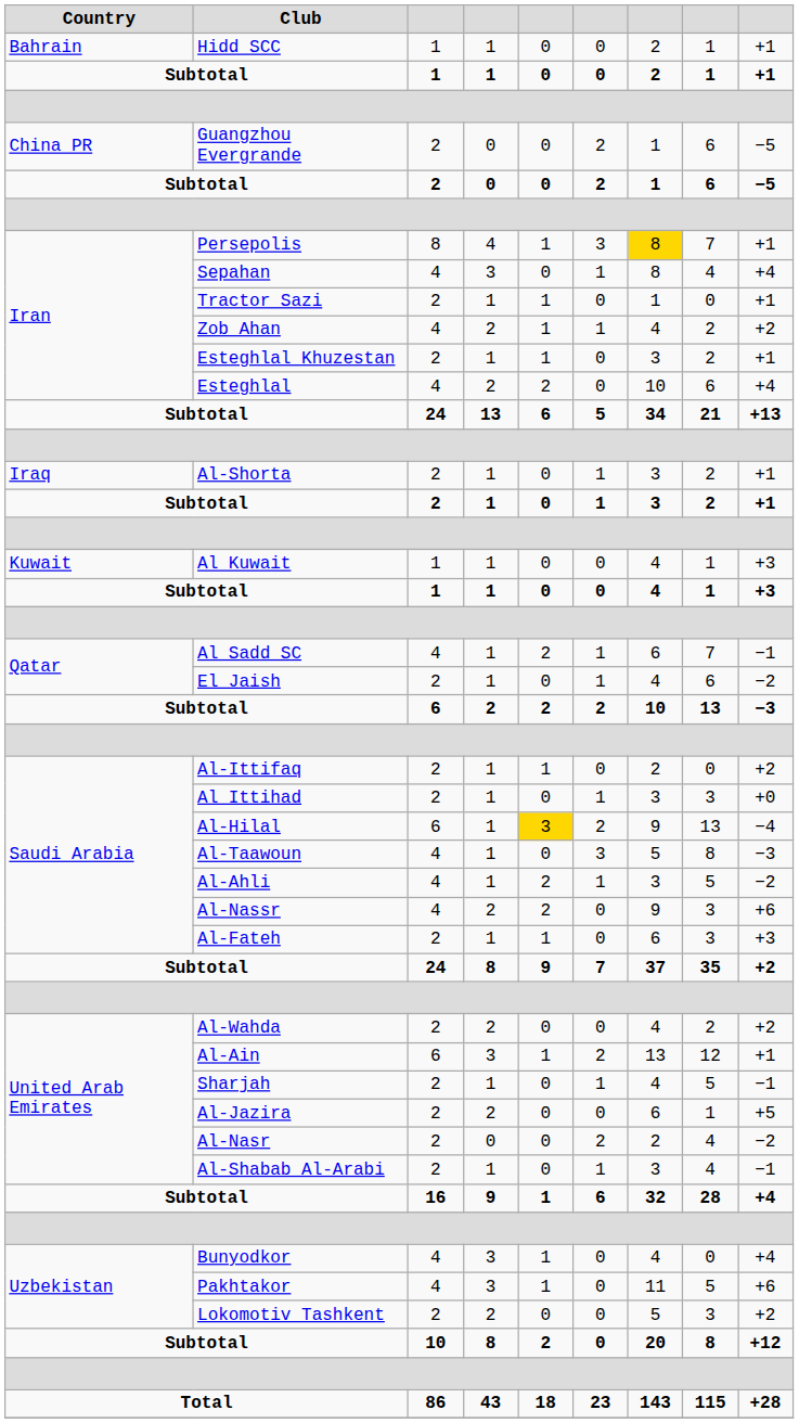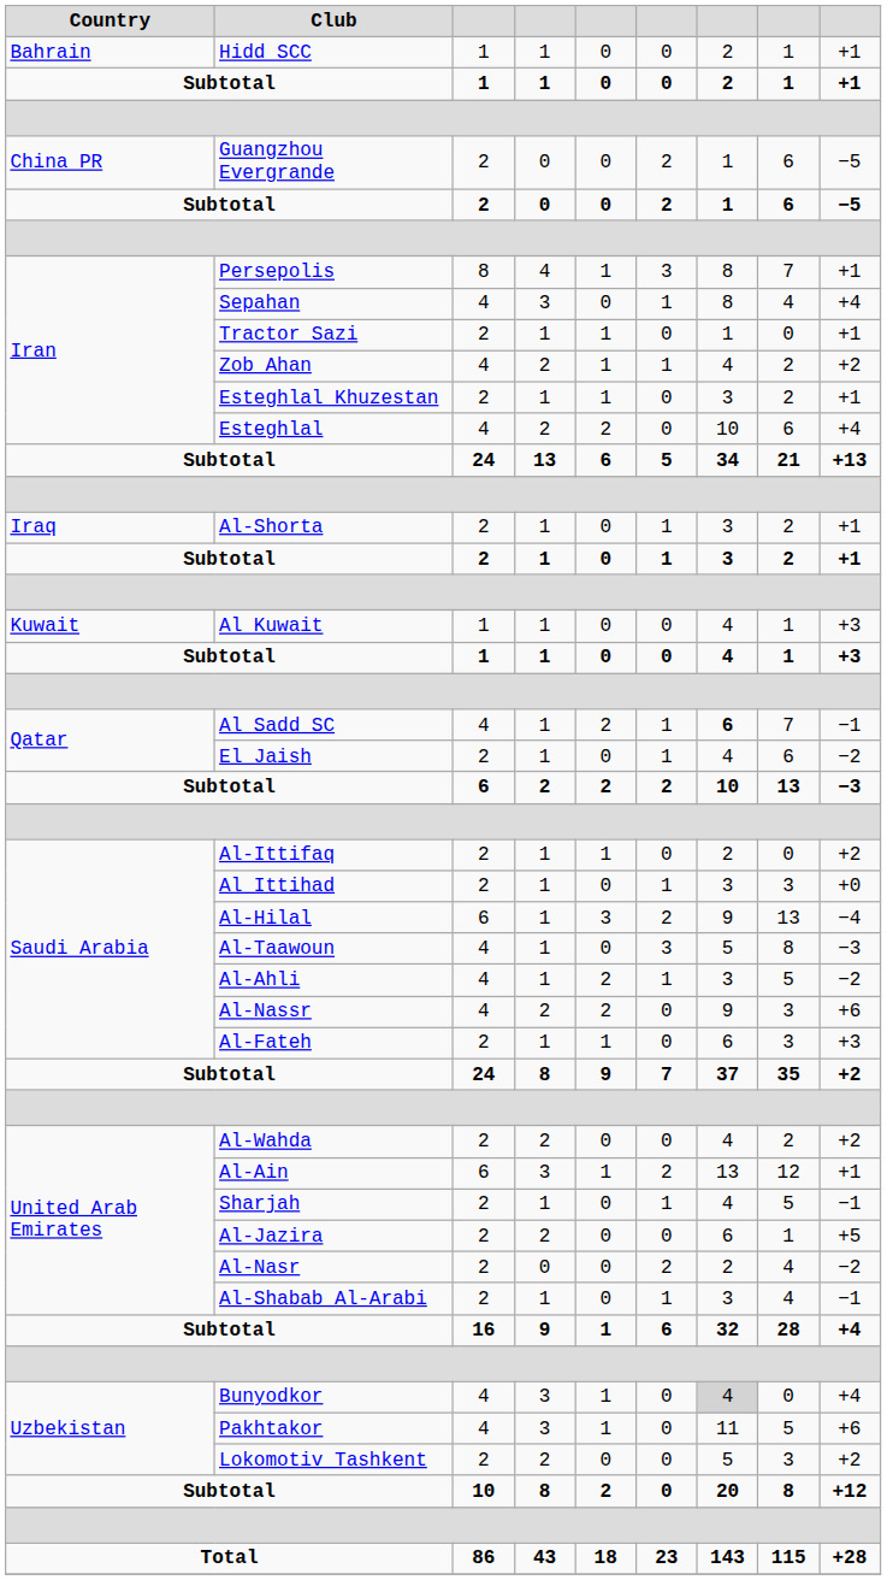 <table class="wikitable" style="text-align: center;">
 <tr>
 <th width="135" style="background:#DCDCDC">Country</th>
 <th width="155" style="background:#DCDCDC">Club</th>
 <th width="35" style="background:#DCDCDC"></th>
 <th width="35" style="background:#DCDCDC"></th>
 <th width="35" style="background:#DCDCDC"></th>
 <th width="35" style="background:#DCDCDC"></th>
 <th width="35" style="background:#DCDCDC"></th>
 <th width="35" style="background:#DCDCDC"></th>
 <th width="35" style="background:#DCDCDC"></th>
 </tr>
 <tr>
 <td align=left> <a href='#'>Bahrain</a></td>
 <td align=left><a href='#'>Hidd SCC</a></td>
 <td>1</td>
 <td>1</td>
 <td>0</td>
 <td>0</td>
 <td>2</td>
 <td>1</td>
 <td>+1</td>
 </tr>
 <tr>
 <td colspan=2 align-"center"><strong>Subtotal</strong></td>
 <td><strong>1</strong></td>
 <td><strong>1</strong></td>
 <td><strong>0</strong></td>
 <td><strong>0</strong></td>
 <td><strong>2</strong></td>
 <td><strong>1</strong></td>
 <td><strong>+1</strong></td>
 </tr>
 <tr>
 <th colspan=9 height="18" style="background:#DCDCDC"></th>
 </tr>
 <tr>
 <td align=left> <a href='#'>China PR</a></td>
 <td align=left><a href='#'>Guangzhou Evergrande</a></td>
 <td>2</td>
 <td>0</td>
 <td>0</td>
 <td>2</td>
 <td>1</td>
 <td>6</td>
 <td>−5</td>
 </tr>
 <tr>
 <td colspan=2 align-"center"><strong>Subtotal</strong></td>
 <td><strong>2</strong></td>
 <td><strong>0</strong></td>
 <td><strong>0</strong></td>
 <td><strong>2</strong></td>
 <td><strong>1</strong></td>
 <td><strong>6</strong></td>
 <td><strong>−5</strong></td>
 </tr>
 <tr>
 <th colspan=9 height="18" style="background:#DCDCDC"></th>
 </tr>
 <tr>
 <td rowspan=6 align=left> <a href='#'>Iran</a></td>
 <td align=left><a href='#'>Persepolis</a></td>
 <td>8</td>
 <td>4</td>
 <td>1</td>
 <td>3</td>
-<td style="background: gold;">8</td>
+<td>8</td>
 <td>7</td>
 <td>+1</td>
 </tr>
 <tr>
 <td align=left><a href='#'>Sepahan</a></td>
 <td>4</td>
 <td>3</td>
 <td>0</td>
 <td>1</td>
 <td>8</td>
 <td>4</td>
 <td>+4</td>
 </tr>
 <tr>
 <td align=left><a href='#'>Tractor Sazi</a></td>
 <td>2</td>
 <td>1</td>
 <td>1</td>
 <td>0</td>
 <td>1</td>
 <td>0</td>
 <td>+1</td>
 </tr>
 <tr>
 <td align=left><a href='#'>Zob Ahan</a></td>
 <td>4</td>
 <td>2</td>
 <td>1</td>
 <td>1</td>
 <td>4</td>
 <td>2</td>
 <td>+2</td>
 </tr>
 <tr>
 <td align=left><a href='#'>Esteghlal Khuzestan</a></td>
 <td>2</td>
 <td>1</td>
 <td>1</td>
 <td>0</td>
 <td>3</td>
 <td>2</td>
 <td>+1</td>
 </tr>
 <tr>
 <td align=left><a href='#'>Esteghlal</a></td>
 <td>4</td>
 <td>2</td>
 <td>2</td>
 <td>0</td>
 <td>10</td>
 <td>6</td>
 <td>+4</td>
 </tr>
 <tr>
 <td colspan=2 align-"center"><strong>Subtotal</strong></td>
 <td><strong>24</strong></td>
 <td><strong>13</strong></td>
 <td><strong>6</strong></td>
 <td><strong>5</strong></td>
 <td><strong>34</strong></td>
 <td><strong>21</strong></td>
 <td><strong>+13</strong></td>
 </tr>
 <tr>
 <th colspan=9 height="18" style="background:#DCDCDC"></th>
 </tr>
 <tr>
 <td align=left> <a href='#'>Iraq</a></td>
 <td align=left><a href='#'>Al-Shorta</a></td>
 <td>2</td>
 <td>1</td>
 <td>0</td>
 <td>1</td>
 <td>3</td>
 <td>2</td>
 <td>+1</td>
 </tr>
 <tr>
 <td colspan=2 align-"center"><strong>Subtotal</strong></td>
 <td><strong>2</strong></td>
 <td><strong>1</strong></td>
 <td><strong>0</strong></td>
 <td><strong>1</strong></td>
 <td><strong>3</strong></td>
 <td><strong>2</strong></td>
 <td><strong>+1</strong></td>
 </tr>
 <tr>
 <th colspan=9 height="18" style="background:#DCDCDC"></th>
 </tr>
 <tr>
 <td align=left> <a href='#'>Kuwait</a></td>
 <td align=left><a href='#'>Al Kuwait</a></td>
 <td>1</td>
 <td>1</td>
 <td>0</td>
 <td>0</td>
 <td>4</td>
 <td>1</td>
 <td>+3</td>
 </tr>
 <tr>
 <td colspan=2 align-"center"><strong>Subtotal</strong></td>
 <td><strong>1</strong></td>
 <td><strong>1</strong></td>
 <td><strong>0</strong></td>
 <td><strong>0</strong></td>
 <td><strong>4</strong></td>
 <td><strong>1</strong></td>
 <td><strong>+3</strong></td>
 </tr>
 <tr>
 <th colspan=9 height="18" style="background:#DCDCDC"></th>
 </tr>
 <tr>
 <td rowspan=2 align=left> <a href='#'>Qatar</a></td>
 <td align=left><a href='#'>Al Sadd SC</a></td>
 <td>4</td>
 <td>1</td>
 <td>2</td>
 <td>1</td>
-<td>6</td>
+<td><strong>6</strong></td>
 <td>7</td>
 <td>−1</td>
 </tr>
 <tr>
 <td align=left><a href='#'>El Jaish</a></td>
 <td>2</td>
 <td>1</td>
 <td>0</td>
 <td>1</td>
 <td>4</td>
 <td>6</td>
 <td>−2</td>
 </tr>
 <tr>
 <td colspan=2 align-"center"><strong>Subtotal</strong></td>
 <td><strong>6</strong></td>
 <td><strong>2</strong></td>
 <td><strong>2</strong></td>
 <td><strong>2</strong></td>
 <td><strong>10</strong></td>
 <td><strong>13</strong></td>
 <td><strong>−3</strong></td>
 </tr>
 <tr>
 <th colspan=9 height="18" style="background:#DCDCDC"></th>
 </tr>
 <tr>
 <td rowspan=7 align=left> <a href='#'>Saudi Arabia</a></td>
 <td align=left><a href='#'>Al-Ittifaq</a></td>
 <td>2</td>
 <td>1</td>
 <td>1</td>
 <td>0</td>
 <td>2</td>
 <td>0</td>
 <td>+2</td>
 </tr>
 <tr>
 <td align=left><a href='#'>Al Ittihad</a></td>
 <td>2</td>
 <td>1</td>
 <td>0</td>
 <td>1</td>
 <td>3</td>
 <td>3</td>
 <td>+0</td>
 </tr>
 <tr>
 <td align=left><a href='#'>Al-Hilal</a></td>
 <td>6</td>
 <td>1</td>
-<td style="background: gold;">3</td>
+<td>3</td>
 <td>2</td>
 <td>9</td>
 <td>13</td>
 <td>−4</td>
 </tr>
 <tr>
 <td align=left><a href='#'>Al-Taawoun</a></td>
 <td>4</td>
 <td>1</td>
 <td>0</td>
 <td>3</td>
 <td>5</td>
 <td>8</td>
 <td>−3</td>
 </tr>
 <tr>
 <td align=left><a href='#'>Al-Ahli</a></td>
 <td>4</td>
 <td>1</td>
 <td>2</td>
 <td>1</td>
 <td>3</td>
 <td>5</td>
 <td>−2</td>
 </tr>
 <tr>
 <td align=left><a href='#'>Al-Nassr</a></td>
 <td>4</td>
 <td>2</td>
 <td>2</td>
 <td>0</td>
 <td>9</td>
 <td>3</td>
 <td>+6</td>
 </tr>
 <tr>
 <td align=left><a href='#'>Al-Fateh</a></td>
 <td>2</td>
 <td>1</td>
 <td>1</td>
 <td>0</td>
 <td>6</td>
 <td>3</td>
 <td>+3</td>
 </tr>
 <tr>
 <td colspan=2 align-"center"><strong>Subtotal</strong></td>
 <td><strong>24</strong></td>
 <td><strong>8</strong></td>
 <td><strong>9</strong></td>
 <td><strong>7</strong></td>
 <td><strong>37</strong></td>
 <td><strong>35</strong></td>
 <td><strong>+2</strong></td>
 </tr>
 <tr>
 <th colspan=9 height="18" style="background:#DCDCDC"></th>
 </tr>
 <tr>
 <td rowspan=6 align=left> <a href='#'>United Arab Emirates</a></td>
 <td align=left><a href='#'>Al-Wahda</a></td>
 <td>2</td>
 <td>2</td>
 <td>0</td>
 <td>0</td>
 <td>4</td>
 <td>2</td>
 <td>+2</td>
 </tr>
 <tr>
 <td align=left><a href='#'>Al-Ain</a></td>
 <td>6</td>
 <td>3</td>
 <td>1</td>
 <td>2</td>
 <td>13</td>
 <td>12</td>
 <td>+1</td>
 </tr>
 <tr>
 <td align=left><a href='#'>Sharjah</a></td>
 <td>2</td>
 <td>1</td>
 <td>0</td>
 <td>1</td>
 <td>4</td>
 <td>5</td>
 <td>−1</td>
 </tr>
 <tr>
 <td align=left><a href='#'>Al-Jazira</a></td>
 <td>2</td>
 <td>2</td>
 <td>0</td>
 <td>0</td>
 <td>6</td>
 <td>1</td>
 <td>+5</td>
 </tr>
 <tr>
 <td align=left><a href='#'>Al-Nasr</a></td>
 <td>2</td>
 <td>0</td>
 <td>0</td>
 <td>2</td>
 <td>2</td>
 <td>4</td>
 <td>−2</td>
 </tr>
 <tr>
 <td align=left><a href='#'>Al-Shabab Al-Arabi</a></td>
 <td>2</td>
 <td>1</td>
 <td>0</td>
 <td>1</td>
 <td>3</td>
 <td>4</td>
 <td>−1</td>
 </tr>
 <tr>
 <td colspan=2 align-"center"><strong>Subtotal</strong></td>
 <td><strong>16</strong></td>
 <td><strong>9</strong></td>
 <td><strong>1</strong></td>
 <td><strong>6</strong></td>
 <td><strong>32</strong></td>
 <td><strong>28</strong></td>
 <td><strong>+4</strong></td>
 </tr>
 <tr>
 <th colspan=9 height="18" style="background:#DCDCDC"></th>
 </tr>
 <tr>
 <td rowspan=3 align=left> <a href='#'>Uzbekistan</a></td>
 <td align=left><a href='#'>Bunyodkor</a></td>
 <td>4</td>
 <td>3</td>
 <td>1</td>
 <td>0</td>
-<td>4</td>
+<td style="background: lightgrey;">4</td>
 <td>0</td>
 <td>+4</td>
 </tr>
 <tr>
 <td align=left><a href='#'>Pakhtakor</a></td>
 <td>4</td>
 <td>3</td>
 <td>1</td>
 <td>0</td>
 <td>11</td>
 <td>5</td>
 <td>+6</td>
 </tr>
 <tr>
 <td align=left><a href='#'>Lokomotiv Tashkent</a></td>
 <td>2</td>
 <td>2</td>
 <td>0</td>
 <td>0</td>
 <td>5</td>
 <td>3</td>
 <td>+2</td>
 </tr>
 <tr>
 <td colspan=2 align-"center"><strong>Subtotal</strong></td>
 <td><strong>10</strong></td>
 <td><strong>8</strong></td>
 <td><strong>2</strong></td>
 <td><strong>0</strong></td>
 <td><strong>20</strong></td>
 <td><strong>8</strong></td>
 <td><strong>+12</strong></td>
 </tr>
 <tr>
 <th colspan=9 height="18" style="background:#DCDCDC"></th>
 </tr>
 <tr>
 <td colspan=2 align-"center"><strong>Total</strong></td>
 <td><strong>86</strong></td>
 <td><strong>43</strong></td>
 <td><strong>18</strong></td>
 <td><strong>23</strong></td>
 <td><strong>143</strong></td>
 <td><strong>115</strong></td>
 <td><strong>+28</strong></td>
 </tr>
 <tr>
 </tr>
 </table>
